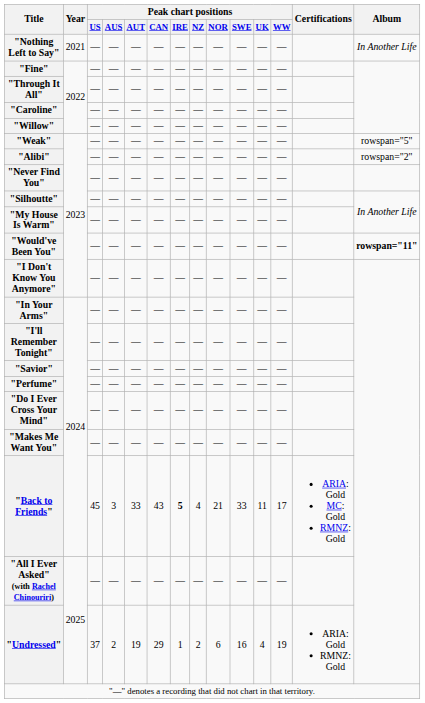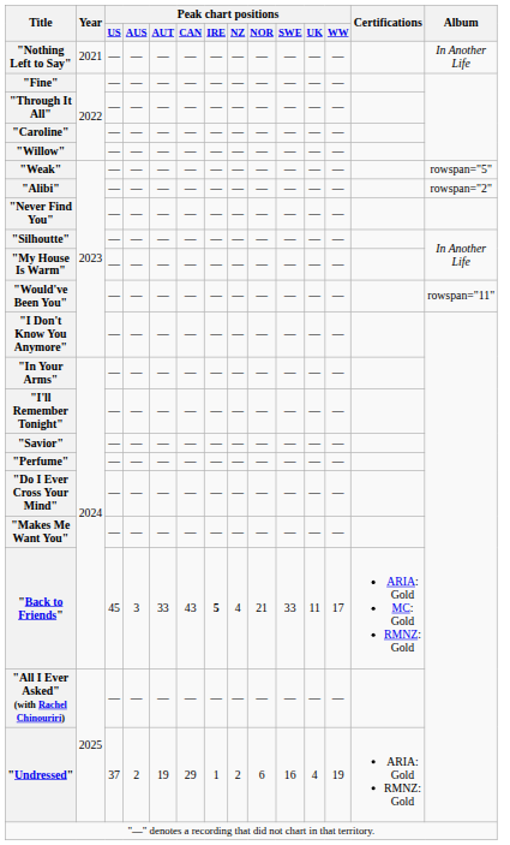 <table class="wikitable plainrowheaders" style="text-align:center;">
 <tr>
 <th scope="col" rowspan="2">Title</th>
 <th scope="col" rowspan="2">Year</th>
 <th scope="col" colspan="10">Peak chart positions</th>
 <th scope="col" rowspan="2">Certifications</th>
 <th scope="col" rowspan="2">Album</th>
 </tr>
 <tr>
 <th scope="col" style="width:2.5em;font-size:90%;"><a href='#'>US</a><br></th>
 <th scope="col" style="width:2.5em;font-size:90%;"><a href='#'>AUS</a><br></th>
 <th scope="col" style="width:2.5em;font-size:90%;"><a href='#'>AUT</a><br></th>
 <th scope="col" style="width:2.5em;font-size:90%;"><a href='#'>CAN</a><br></th>
 <th scope="col" style="width:2.5em;font-size:90%;"><a href='#'>IRE</a><br></th>
 <th scope="col" style="width:2.5em;font-size:90%;"><a href='#'>NZ</a><br></th>
 <th scope="col" style="width:2.5em;font-size:90%;"><a href='#'>NOR</a><br></th>
 <th scope="col" style="width:2.5em;font-size:90%;"><a href='#'>SWE</a><br></th>
 <th scope="col" style="width:2.5em;font-size:90%;"><a href='#'>UK</a><br></th>
 <th scope="col" style="width:2.5em;font-size:90%;"><a href='#'>WW</a><br></th>
 </tr>
 <tr>
 <th scope="row">"Nothing Left to Say"</th>
 <td>2021</td>
 <td>—</td>
 <td>—</td>
 <td>—</td>
 <td>—</td>
 <td>—</td>
 <td>—</td>
 <td>—</td>
 <td>—</td>
 <td>—</td>
 <td>—</td>
 <td></td>
 <td><em>In Another Life</em></td>
 </tr>
 <tr>
 <th scope="row">"Fine"</th>
 <td rowspan="4">2022</td>
 <td>—</td>
 <td>—</td>
 <td>—</td>
 <td>—</td>
 <td>—</td>
 <td>—</td>
 <td>—</td>
 <td>—</td>
 <td>—</td>
 <td>—</td>
 <td></td>
 </tr>
 <tr>
 <th scope="row">"Through It All"</th>
 <td>—</td>
 <td>—</td>
 <td>—</td>
 <td>—</td>
 <td>—</td>
 <td>—</td>
 <td>—</td>
 <td>—</td>
 <td>—</td>
 <td>—</td>
 <td></td>
 </tr>
 <tr>
 <th scope="row">"Caroline"</th>
 <td>—</td>
 <td>—</td>
 <td>—</td>
 <td>—</td>
 <td>—</td>
 <td>—</td>
 <td>—</td>
 <td>—</td>
 <td>—</td>
 <td>—</td>
 <td></td>
 </tr>
 <tr>
 <th scope="row">"Willow"</th>
 <td>—</td>
 <td>—</td>
 <td>—</td>
 <td>—</td>
 <td>—</td>
 <td>—</td>
 <td>—</td>
 <td>—</td>
 <td>—</td>
 <td>—</td>
 <td></td>
 </tr>
 <tr>
 <th scope="row">"Weak"</th>
 <td rowspan="7">2023</td>
 <td>—</td>
 <td>—</td>
 <td>—</td>
 <td>—</td>
 <td>—</td>
 <td>—</td>
 <td>—</td>
 <td>—</td>
 <td>—</td>
 <td>—</td>
 <td></td>
 <td>rowspan="5" </td>
 </tr>
 <tr>
 <th scope="row">"Alibi"</th>
 <td>—</td>
 <td>—</td>
 <td>—</td>
 <td>—</td>
 <td>—</td>
 <td>—</td>
 <td>—</td>
 <td>—</td>
 <td>—</td>
 <td>—</td>
 <td></td>
 <td>rowspan="2" </td>
 </tr>
 <tr>
 <th scope="row">"Never Find You"</th>
 <td>—</td>
 <td>—</td>
 <td>—</td>
 <td>—</td>
 <td>—</td>
 <td>—</td>
 <td>—</td>
 <td>—</td>
 <td>—</td>
 <td>—</td>
 <td></td>
 </tr>
 <tr>
 <th scope="row">"Silhoutte"</th>
 <td>—</td>
 <td>—</td>
 <td>—</td>
 <td>—</td>
 <td>—</td>
 <td>—</td>
 <td>—</td>
 <td>—</td>
 <td>—</td>
 <td>—</td>
 <td></td>
 <td rowspan="2"><em>In Another Life</em></td>
 </tr>
 <tr>
 <th scope="row">"My House Is Warm"</th>
 <td>—</td>
 <td>—</td>
 <td>—</td>
 <td>—</td>
 <td>—</td>
 <td>—</td>
 <td>—</td>
 <td>—</td>
 <td>—</td>
 <td>—</td>
 <td></td>
 </tr>
 <tr>
 <th scope="row">"Would've Been You"</th>
 <td>—</td>
 <td>—</td>
 <td>—</td>
 <td>—</td>
 <td>—</td>
 <td>—</td>
 <td>—</td>
 <td>—</td>
 <td>—</td>
 <td>—</td>
 <td></td>
-<td><strong>rowspan="11" </strong></td>
+<td>rowspan="11" </td>
 </tr>
 <tr>
 <th scope="row">"I Don't Know You Anymore"</th>
 <td>—</td>
 <td>—</td>
 <td>—</td>
 <td>—</td>
 <td>—</td>
 <td>—</td>
 <td>—</td>
 <td>—</td>
 <td>—</td>
 <td>—</td>
 <td></td>
 </tr>
 <tr>
 <th scope="row">"In Your Arms"</th>
 <td rowspan="7">2024</td>
 <td>—</td>
 <td>—</td>
 <td>—</td>
 <td>—</td>
 <td>—</td>
 <td>—</td>
 <td>—</td>
 <td>—</td>
 <td>—</td>
 <td>—</td>
 <td></td>
 </tr>
 <tr>
 <th scope="row">"I'll Remember Tonight"</th>
 <td>—</td>
 <td>—</td>
 <td>—</td>
 <td>—</td>
 <td>—</td>
 <td>—</td>
 <td>—</td>
 <td>—</td>
 <td>—</td>
 <td>—</td>
 <td></td>
 </tr>
 <tr>
 <th scope="row">"Savior"</th>
 <td>—</td>
 <td>—</td>
 <td>—</td>
 <td>—</td>
 <td>—</td>
 <td>—</td>
 <td>—</td>
 <td>—</td>
 <td>—</td>
 <td>—</td>
 <td></td>
 </tr>
 <tr>
 <th scope="row">"Perfume"</th>
 <td>—</td>
 <td>—</td>
 <td>—</td>
 <td>—</td>
 <td>—</td>
 <td>—</td>
 <td>—</td>
 <td>—</td>
 <td>—</td>
 <td>—</td>
 <td></td>
 </tr>
 <tr>
 <th scope="row">"Do I Ever Cross Your Mind"</th>
 <td>—</td>
 <td>—</td>
 <td>—</td>
 <td>—</td>
 <td>—</td>
 <td>—</td>
 <td>—</td>
 <td>—</td>
 <td>—</td>
 <td>—</td>
 <td></td>
 </tr>
 <tr>
 <th scope="row">"Makes Me Want You"</th>
 <td>—</td>
 <td>—</td>
 <td>—</td>
 <td>—</td>
 <td>—</td>
 <td>—</td>
 <td>—</td>
 <td>—</td>
 <td>—</td>
 <td>—</td>
 <td></td>
 </tr>
 <tr>
 <th scope="row">"<a href='#'>Back to Friends</a>"</th>
 <td>45</td>
 <td>3</td>
 <td>33</td>
 <td>43</td>
 <td><strong>5</strong></td>
 <td>4</td>
 <td>21</td>
 <td>33</td>
 <td>11</td>
 <td>17</td>
 <td><br><ul><li><a href='#'>ARIA</a>: Gold</li><li><a href='#'>MC</a>: Gold</li><li><a href='#'>RMNZ</a>: Gold</li></ul></td>
 </tr>
 <tr>
 <th scope="row">"All I Ever Asked"<br><small>(with <a href='#'>Rachel Chinouriri</a>)</small></th>
 <td rowspan="2">2025</td>
 <td>—</td>
 <td>—</td>
 <td>—</td>
 <td>—</td>
 <td>—</td>
 <td>—</td>
 <td>—</td>
 <td>—</td>
 <td>—</td>
 <td>—</td>
 <td></td>
 </tr>
 <tr>
 <th scope="row">"<a href='#'>Undressed</a>"</th>
 <td>37</td>
 <td>2</td>
 <td>19</td>
 <td>29</td>
 <td>1</td>
 <td>2</td>
 <td>6</td>
 <td>16</td>
 <td>4</td>
 <td>19</td>
 <td><br><ul><li>ARIA: Gold</li><li>RMNZ: Gold</li></ul></td>
 </tr>
 <tr>
 <td colspan="14" style="font-size:90%">"—" denotes a recording that did not chart in that territory.</td>
 </tr>
 </table>
